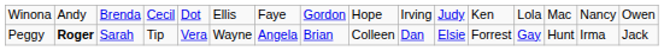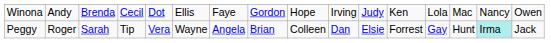 <table class="wikitable">
 <tr>
 <td>Winona</td>
 <td>Andy</td>
 <td><a href='#'>Brenda</a></td>
 <td><a href='#'>Cecil</a></td>
 <td><a href='#'>Dot</a></td>
 <td>Ellis</td>
 <td>Faye</td>
 <td><a href='#'>Gordon</a></td>
 <td>Hope</td>
 <td>Irving</td>
 <td><a href='#'>Judy</a></td>
 <td>Ken</td>
 <td>Lola</td>
 <td>Mac</td>
 <td>Nancy</td>
 <td>Owen</td>
 </tr>
 <tr>
 <td>Peggy</td>
-<td><strong>Roger</strong></td>
+<td>Roger</td>
 <td><a href='#'>Sarah</a></td>
 <td>Tip</td>
 <td><a href='#'>Vera</a></td>
 <td>Wayne</td>
 <td><a href='#'>Angela</a></td>
 <td><a href='#'>Brian</a></td>
 <td>Colleen</td>
 <td><a href='#'>Dan</a></td>
 <td><a href='#'>Elsie</a></td>
 <td>Forrest</td>
 <td><a href='#'>Gay</a></td>
 <td>Hunt</td>
-<td>Irma</td>
+<td style="background: paleturquoise;">Irma</td>
 <td>Jack</td>
 </tr>
 </table>
